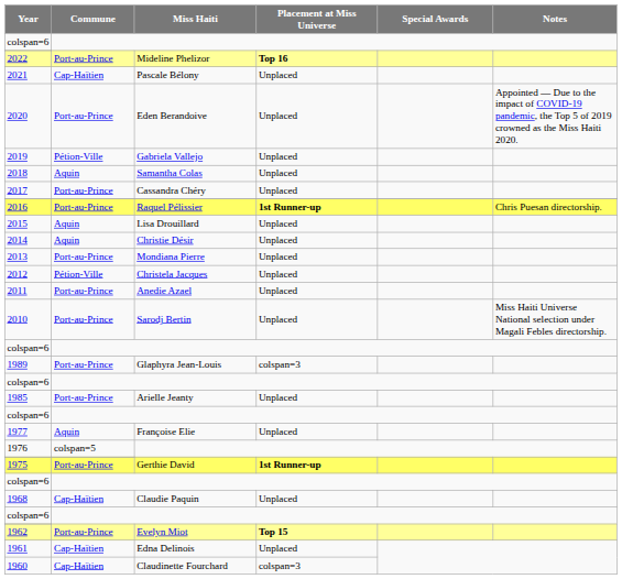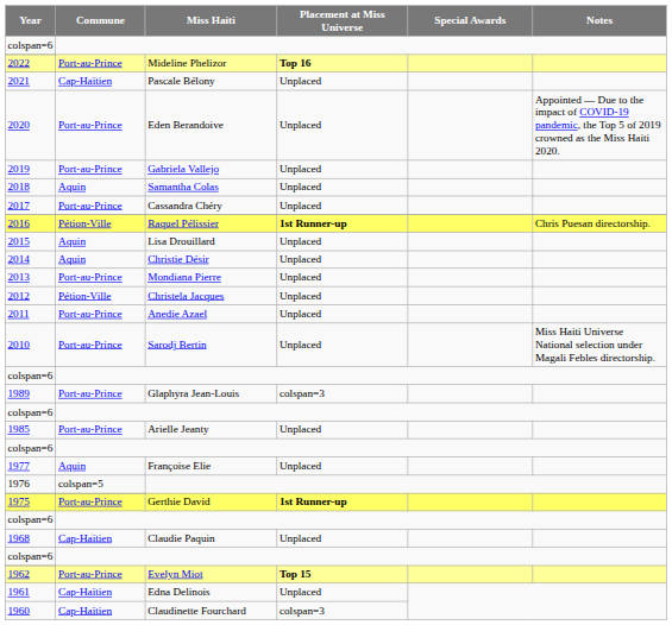 <table class="wikitable " style="font-size: 90%;">
 <tr>
 <th width="60" style="background-color:#787878;color:#FFFFFF;">Year</th>
 <th width="150" style="background-color:#787878;color:#FFFFFF;">Commune</th>
 <th width="250" style="background-color:#787878;color:#FFFFFF;">Miss Haiti</th>
 <th width="250" style="background-color:#787878;color:#FFFFFF;">Placement at Miss Universe</th>
 <th width="250" style="background-color:#787878;color:#FFFFFF;">Special Awards</th>
 <th width="250" style="background-color:#787878;color:#FFFFFF;">Notes</th>
 </tr>
 <tr>
 <td>colspan=6 </td>
 </tr>
 <tr>
 </tr>
 <tr style="background-color:#FFFF99">
 <td><a href='#'>2022</a></td>
 <td><a href='#'>Port-au-Prince</a></td>
 <td>Mideline Phelizor</td>
 <td><strong>Top 16</strong></td>
 <td></td>
 <td></td>
 </tr>
 <tr>
 <td><a href='#'>2021</a></td>
 <td><a href='#'>Cap-Haïtien</a></td>
 <td>Pascale Bélony</td>
 <td>Unplaced</td>
 <td></td>
 <td></td>
 </tr>
 <tr>
 <td><a href='#'>2020</a></td>
 <td><a href='#'>Port-au-Prince</a></td>
 <td>Eden Berandoive</td>
 <td>Unplaced</td>
 <td></td>
 <td>Appointed — Due to the impact of <a href='#'>COVID-19 pandemic</a>, the Top 5 of 2019 crowned as the Miss Haiti 2020.</td>
 </tr>
 <tr>
 <td><a href='#'>2019</a></td>
-<td><a href='#'>Pétion-Ville</a></td>
+<td><a href='#'>Port-au-Prince</a></td>
 <td><a href='#'>Gabriela Vallejo</a></td>
 <td>Unplaced</td>
 <td></td>
 <td></td>
 </tr>
 <tr>
 <td><a href='#'>2018</a></td>
 <td><a href='#'>Aquin</a></td>
 <td><a href='#'>Samantha Colas</a></td>
 <td>Unplaced</td>
 <td></td>
 <td></td>
 </tr>
 <tr>
 <td><a href='#'>2017</a></td>
 <td><a href='#'>Port-au-Prince</a></td>
 <td>Cassandra Chéry</td>
 <td>Unplaced</td>
 <td></td>
 <td></td>
 </tr>
 <tr>
 </tr>
 <tr style="background-color:#FFFF66;">
 <td><a href='#'>2016</a></td>
-<td><a href='#'>Port-au-Prince</a></td>
+<td><a href='#'>Pétion-Ville</a></td>
 <td><a href='#'>Raquel Pélissier</a></td>
 <td><strong>1st Runner-up</strong></td>
 <td></td>
 <td>Chris Puesan directorship.</td>
 </tr>
 <tr>
 <td><a href='#'>2015</a></td>
 <td><a href='#'>Aquin</a></td>
 <td>Lisa Drouillard</td>
 <td>Unplaced</td>
 <td></td>
 <td></td>
 </tr>
 <tr>
 <td><a href='#'>2014</a></td>
 <td><a href='#'>Aquin</a></td>
 <td><a href='#'>Christie Désir</a></td>
 <td>Unplaced</td>
 <td></td>
 <td></td>
 </tr>
 <tr>
 <td><a href='#'>2013</a></td>
 <td><a href='#'>Port-au-Prince</a></td>
 <td><a href='#'>Mondiana Pierre</a></td>
 <td>Unplaced</td>
 <td></td>
 <td></td>
 </tr>
 <tr>
 <td><a href='#'>2012</a></td>
 <td><a href='#'>Pétion-Ville</a></td>
 <td><a href='#'>Christela Jacques</a></td>
 <td>Unplaced</td>
 <td></td>
 <td></td>
 </tr>
 <tr>
 <td><a href='#'>2011</a></td>
 <td><a href='#'>Port-au-Prince</a></td>
 <td><a href='#'>Anedie Azael</a></td>
 <td>Unplaced</td>
 <td></td>
 <td></td>
 </tr>
 <tr>
 <td><a href='#'>2010</a></td>
 <td><a href='#'>Port-au-Prince</a></td>
 <td><a href='#'>Sarodj Bertin</a></td>
 <td>Unplaced</td>
 <td></td>
 <td>Miss Haiti Universe National selection under Magali Febles directorship.</td>
 </tr>
 <tr>
 <td>colspan=6 </td>
 </tr>
 <tr>
 <td><a href='#'>1989</a></td>
 <td><a href='#'>Port-au-Prince</a></td>
 <td>Glaphyra Jean-Louis</td>
 <td>colspan=3 </td>
 <td></td>
 <td></td>
 </tr>
 <tr>
 <td>colspan=6 </td>
 </tr>
 <tr>
 <td><a href='#'>1985</a></td>
 <td><a href='#'>Port-au-Prince</a></td>
 <td>Arielle Jeanty</td>
 <td>Unplaced</td>
 <td></td>
 <td></td>
 </tr>
 <tr>
 <td>colspan=6 </td>
 </tr>
 <tr>
 <td><a href='#'>1977</a></td>
 <td><a href='#'>Aquin</a></td>
 <td>Françoise Elie</td>
 <td>Unplaced</td>
 <td></td>
 <td></td>
 </tr>
 <tr>
 <td>1976</td>
 <td>colspan=5 </td>
 </tr>
 <tr>
 </tr>
 <tr style="background-color:#FFFF66;">
 <td><a href='#'>1975</a></td>
 <td><a href='#'>Port-au-Prince</a></td>
 <td>Gerthie David</td>
 <td><strong>1st Runner-up</strong></td>
 <td></td>
 <td></td>
 </tr>
 <tr>
 <td>colspan=6 </td>
 </tr>
 <tr>
 <td><a href='#'>1968</a></td>
 <td><a href='#'>Cap-Haïtien</a></td>
 <td>Claudie Paquin</td>
 <td>Unplaced</td>
 <td></td>
 <td></td>
 </tr>
 <tr>
 <td>colspan=6 </td>
 </tr>
 <tr>
 </tr>
 <tr style="background-color:#FFFF99; ">
 <td><a href='#'>1962</a></td>
 <td><a href='#'>Port-au-Prince</a></td>
 <td><a href='#'>Evelyn Miot</a></td>
 <td><strong>Top 15</strong></td>
 <td></td>
 <td></td>
 </tr>
 <tr>
 <td><a href='#'>1961</a></td>
 <td><a href='#'>Cap-Haïtien</a></td>
 <td>Edna Delinois</td>
 <td>Unplaced</td>
 </tr>
 <tr>
 <td><a href='#'>1960</a></td>
 <td><a href='#'>Cap-Haïtien</a></td>
 <td>Claudinette Fourchard</td>
 <td>colspan=3 </td>
 </tr>
 </table>
